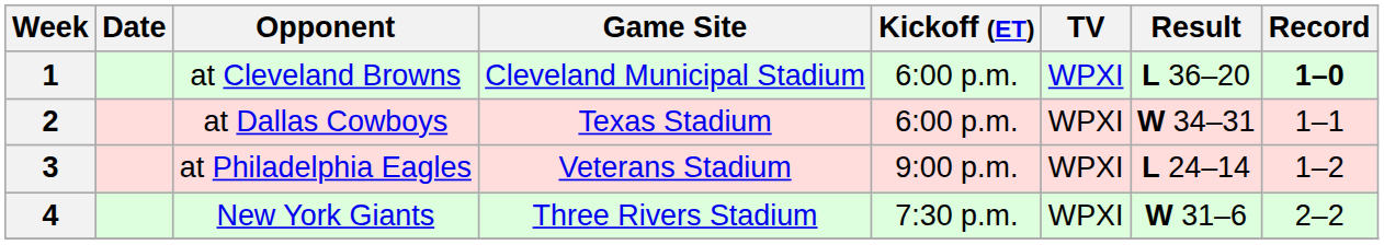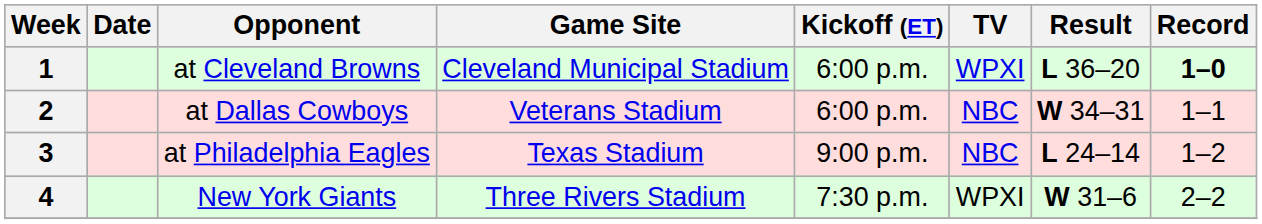 <table class="wikitable" style="text-align:center">
 <tr>
 <th>Week</th>
 <th>Date</th>
 <th>Opponent</th>
 <th>Game Site</th>
 <th>Kickoff <small>(<a href='#'>ET</a>)</small></th>
 <th>TV</th>
 <th>Result</th>
 <th>Record</th>
 </tr>
 <tr style="background:#ddffdd;">
 <th>1</th>
 <td></td>
 <td>at <a href='#'>Cleveland Browns</a></td>
 <td><a href='#'>Cleveland Municipal Stadium</a></td>
 <td>6:00 p.m.</td>
 <td><a href='#'>WPXI</a></td>
 <td><strong>L</strong> 36–20</td>
 <td><strong>1–0</strong></td>
 </tr>
 <tr style="background:#ffdddd;">
 <th>2</th>
 <td></td>
 <td>at <a href='#'>Dallas Cowboys</a></td>
-<td><a href='#'>Texas Stadium</a></td>
+<td><a href='#'>Veterans Stadium</a></td>
 <td>6:00 p.m.</td>
-<td>WPXI</td>
+<td><a href='#'>NBC</a></td>
 <td><strong>W</strong> 34–31</td>
 <td>1–1</td>
 </tr>
 <tr style="background: #ffdddd;">
 <th>3</th>
 <td></td>
 <td>at <a href='#'>Philadelphia Eagles</a></td>
-<td><a href='#'>Veterans Stadium</a></td>
+<td><a href='#'>Texas Stadium</a></td>
 <td>9:00 p.m.</td>
-<td>WPXI</td>
+<td><a href='#'>NBC</a></td>
 <td><strong>L</strong> 24–14</td>
 <td>1–2</td>
 </tr>
 <tr style="background: #ddffdd;">
 <th>4</th>
 <td></td>
 <td><a href='#'>New York Giants</a></td>
 <td><a href='#'>Three Rivers Stadium</a></td>
 <td>7:30 p.m.</td>
 <td>WPXI</td>
 <td><strong>W</strong> 31–6</td>
 <td>2–2</td>
 </tr>
 <tr style="background: #ddffdd;">
 </tr>
 </table>
